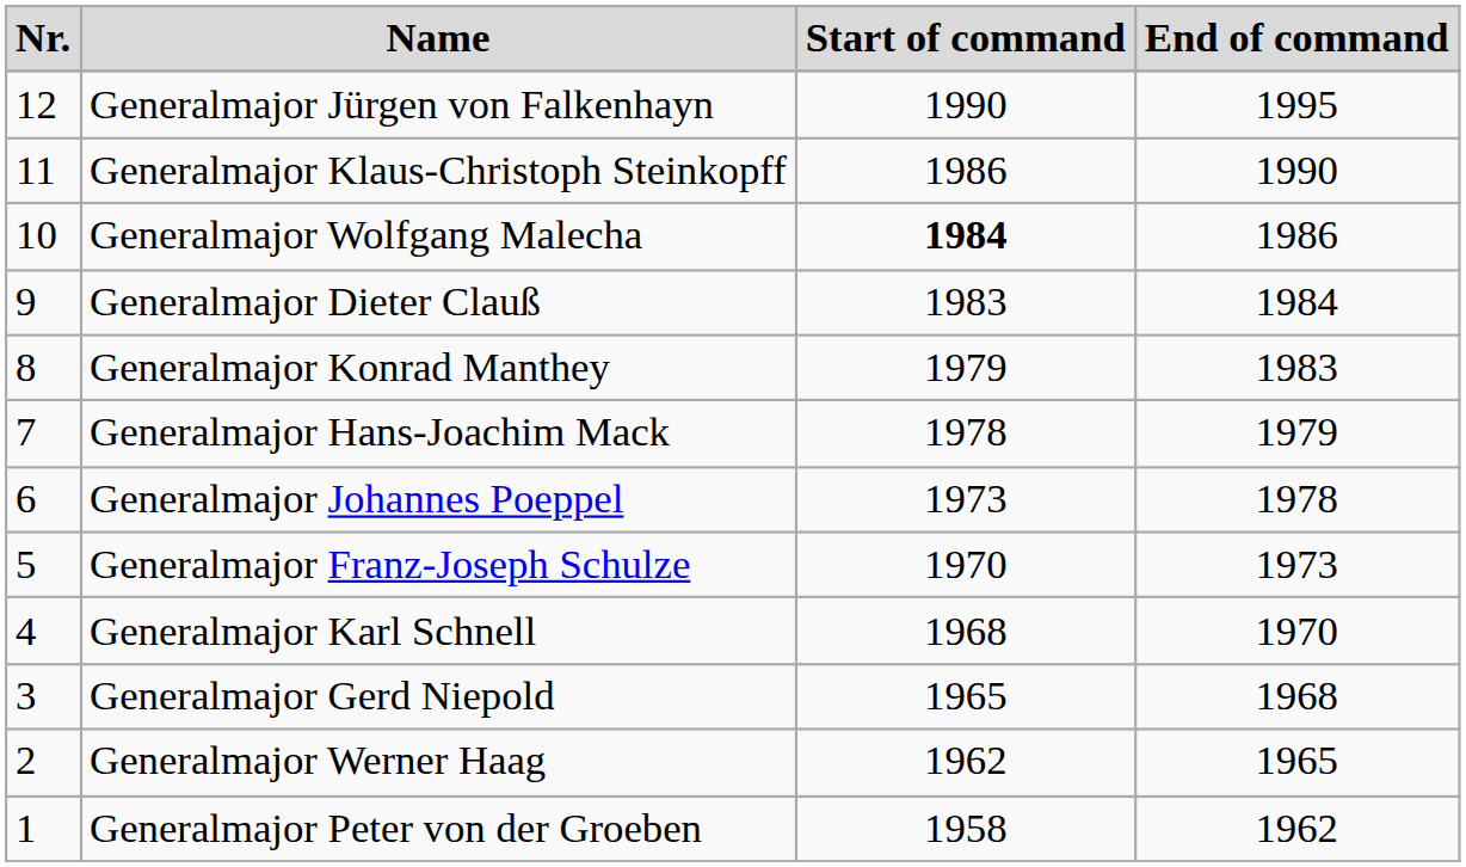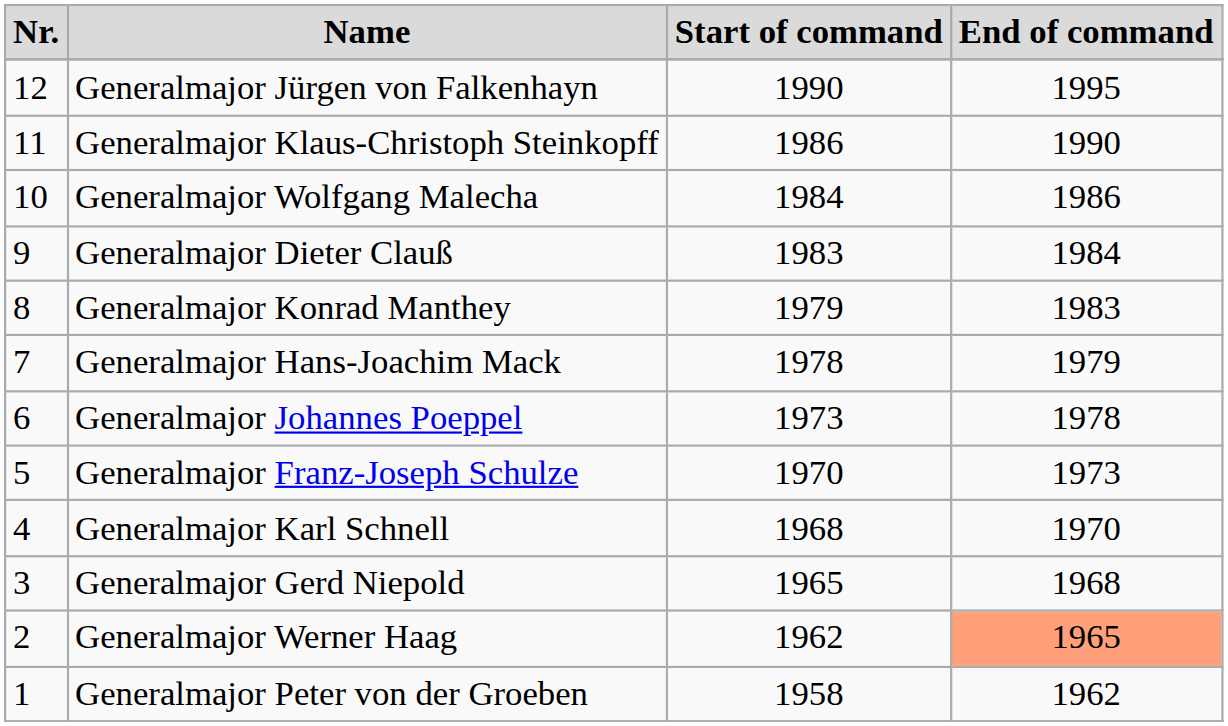 <table |  class="wikitable">
 <tr>
 <th style="background:#dadada"><strong>Nr.</strong></th>
 <th style="background:#dadada"><strong>Name</strong></th>
 <th style="background:#dadada"><strong>Start of command</strong></th>
 <th style="background:#dadada"><strong>End of command</strong></th>
 </tr>
 <tr>
 </tr>
 <tr>
 <td>12</td>
 <td>Generalmajor Jürgen von Falkenhayn</td>
 <td align="center">1990</td>
 <td align="center">1995</td>
 </tr>
 <tr>
 <td>11</td>
 <td>Generalmajor Klaus-Christoph Steinkopff</td>
 <td align="center">1986</td>
 <td align="center">1990</td>
 </tr>
 <tr>
 <td>10</td>
 <td>Generalmajor Wolfgang Malecha</td>
-<td align="center"><strong>1984</strong></td>
+<td align="center">1984</td>
 <td align="center">1986</td>
 </tr>
 <tr>
 <td>9</td>
 <td>Generalmajor Dieter Clauß</td>
 <td align="center">1983</td>
 <td align="center">1984</td>
 </tr>
 <tr>
 <td>8</td>
 <td>Generalmajor Konrad Manthey</td>
 <td align="center">1979</td>
 <td align="center">1983</td>
 </tr>
 <tr>
 <td>7</td>
 <td>Generalmajor Hans-Joachim Mack</td>
 <td align="center">1978</td>
 <td align="center">1979</td>
 </tr>
 <tr>
 <td>6</td>
 <td>Generalmajor <a href='#'>Johannes Poeppel</a></td>
 <td align="center">1973</td>
 <td align="center">1978</td>
 </tr>
 <tr>
 <td>5</td>
 <td>Generalmajor <a href='#'>Franz-Joseph Schulze</a></td>
 <td align="center">1970</td>
 <td align="center">1973</td>
 </tr>
 <tr>
 <td>4</td>
 <td>Generalmajor Karl Schnell</td>
 <td align="center">1968</td>
 <td align="center">1970</td>
 </tr>
 <tr>
 <td>3</td>
 <td>Generalmajor Gerd Niepold</td>
 <td align="center">1965</td>
 <td align="center">1968</td>
 </tr>
 <tr>
 <td>2</td>
 <td>Generalmajor Werner Haag</td>
 <td align="center">1962</td>
-<td align="center">1965</td>
+<td align="center" style="background: lightsalmon;">1965</td>
 </tr>
 <tr>
 <td>1</td>
 <td>Generalmajor Peter von der Groeben</td>
 <td align="center">1958</td>
 <td align="center">1962</td>
 </tr>
 </table>
